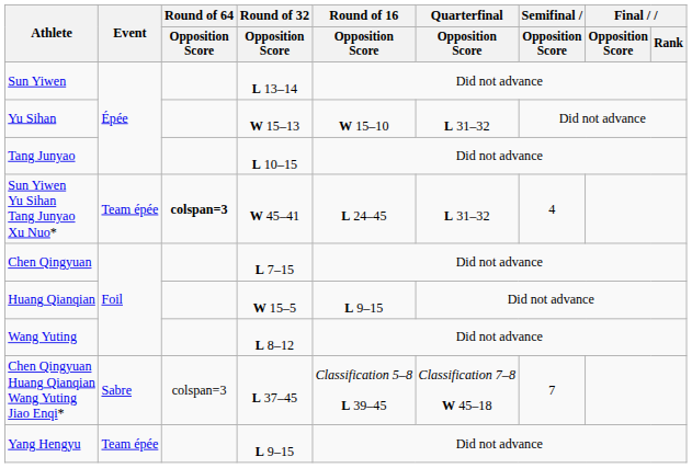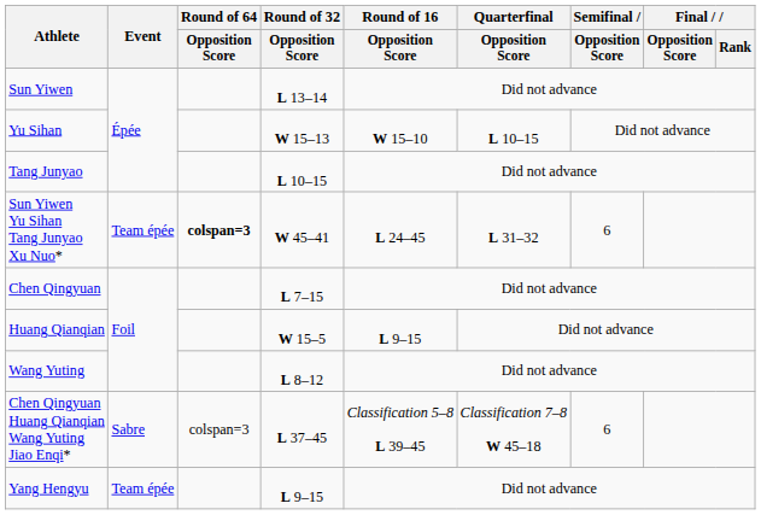 <table class="wikitable" style="font-size:90%">
 <tr>
 <th rowspan="2">Athlete</th>
 <th rowspan="2">Event</th>
 <th>Round of 64</th>
 <th>Round of 32</th>
 <th>Round of 16</th>
 <th>Quarterfinal</th>
 <th>Semifinal / </th>
 <th colspan=2>Final /  / </th>
 </tr>
 <tr style="font-size:95%">
 <th>Opposition <br> Score</th>
 <th>Opposition <br> Score</th>
 <th>Opposition <br> Score</th>
 <th>Opposition <br> Score</th>
 <th>Opposition <br> Score</th>
 <th>Opposition <br> Score</th>
 <th>Rank</th>
 </tr>
 <tr align=center>
 <td align=left><a href='#'>Sun Yiwen</a></td>
 <td align=left rowspan=3><a href='#'>Épée</a></td>
 <td></td>
 <td><br><strong>L</strong> 13–14</td>
 <td colspan=5>Did not advance</td>
 </tr>
 <tr align=center>
 <td align=left><a href='#'>Yu Sihan</a></td>
 <td></td>
 <td><br><strong>W</strong> 15–13</td>
 <td><br><strong>W</strong> 15–10</td>
-<td><br><strong>L</strong> 31–32</td>
+<td><br><strong>L</strong> 10–15</td>
 <td colspan=3>Did not advance</td>
 </tr>
 <tr align=center>
 <td align=left><a href='#'>Tang Junyao</a></td>
 <td></td>
 <td><br><strong>L</strong> 10–15</td>
 <td colspan=5>Did not advance</td>
 </tr>
 <tr align=center>
 <td align=left><a href='#'>Sun Yiwen</a><br><a href='#'>Yu Sihan</a><br><a href='#'>Tang Junyao</a><br><a href='#'>Xu Nuo</a>*</td>
 <td align=left><a href='#'>Team épée</a></td>
 <td><strong>colspan=3</strong></td>
 <td><br><strong>W</strong> 45–41</td>
 <td><br><strong>L</strong> 24–45</td>
 <td><br><strong>L</strong> 31–32</td>
-<td>4</td>
+<td>6</td>
 </tr>
 <tr align=center>
 <td align=left><a href='#'>Chen Qingyuan</a></td>
 <td align=left rowspan=3><a href='#'>Foil</a></td>
 <td></td>
 <td><br><strong>L</strong> 7–15</td>
 <td colspan=5>Did not advance</td>
 </tr>
 <tr align=center>
 <td align=left><a href='#'>Huang Qianqian</a></td>
 <td></td>
 <td><br><strong>W</strong> 15–5</td>
 <td><br><strong>L</strong> 9–15</td>
 <td colspan=4>Did not advance</td>
 </tr>
 <tr align=center>
 <td align=left><a href='#'>Wang Yuting</a></td>
 <td></td>
 <td><br><strong>L</strong> 8–12</td>
 <td colspan=5>Did not advance</td>
 </tr>
 <tr align=center>
 <td align=left><a href='#'>Chen Qingyuan</a><br><a href='#'>Huang Qianqian</a><br><a href='#'>Wang Yuting</a><br><a href='#'>Jiao Enqi</a>*</td>
 <td align=left><a href='#'>Sabre</a></td>
 <td>colspan=3</td>
 <td><br><strong>L</strong> 37–45</td>
 <td><em>Classification 5–8</em><br><br><strong>L</strong> 39–45</td>
 <td><em>Classification 7–8</em><br><br><strong>W</strong> 45–18</td>
-<td>7</td>
+<td>6</td>
 </tr>
 <tr align=center>
 <td align=left><a href='#'>Yang Hengyu</a></td>
 <td align=left><a href='#'>Team épée</a></td>
 <td></td>
 <td><br><strong>L</strong> 9–15</td>
 <td colspan=5>Did not advance</td>
 </tr>
 </table>
